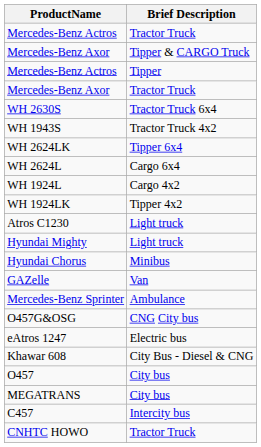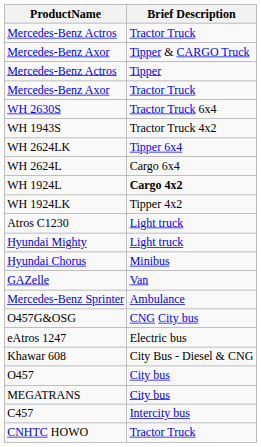 <table class="wikitable">
 <tr>
 <th>ProductName</th>
 <th>Brief Description</th>
 </tr>
 <tr>
 <td><a href='#'>Mercedes-Benz Actros</a></td>
 <td><a href='#'>Tractor Truck</a></td>
 </tr>
 <tr>
 <td><a href='#'>Mercedes-Benz Axor</a></td>
 <td><a href='#'>Tipper</a> & <a href='#'>CARGO Truck</a></td>
 </tr>
 <tr>
 <td><a href='#'>Mercedes-Benz Actros</a></td>
 <td><a href='#'>Tipper</a></td>
 </tr>
 <tr>
 <td><a href='#'>Mercedes-Benz Axor</a></td>
 <td><a href='#'>Tractor Truck</a></td>
 </tr>
 <tr>
 <td><a href='#'>WH 2630S</a></td>
 <td><a href='#'>Tractor Truck</a> 6x4</td>
 </tr>
 <tr>
 <td>WH 1943S</td>
 <td>Tractor Truck 4x2</td>
 </tr>
 <tr>
 <td>WH 2624LK</td>
 <td><a href='#'>Tipper 6x4</a></td>
 </tr>
 <tr>
 <td>WH 2624L</td>
 <td>Cargo 6x4</td>
 </tr>
 <tr>
 <td>WH 1924L</td>
-<td>Cargo 4x2</td>
+<td><strong>Cargo 4x2</strong></td>
 </tr>
 <tr>
 <td>WH 1924LK</td>
 <td>Tipper 4x2</td>
 </tr>
 <tr>
 <td>Atros C1230</td>
 <td><a href='#'>Light truck</a></td>
 </tr>
 <tr>
 <td><a href='#'>Hyundai Mighty</a></td>
 <td><a href='#'>Light truck</a></td>
 </tr>
 <tr>
 <td><a href='#'>Hyundai Chorus</a></td>
 <td><a href='#'>Minibus</a></td>
 </tr>
 <tr>
 <td><a href='#'>GAZelle</a></td>
 <td><a href='#'>Van</a></td>
 </tr>
 <tr>
 <td><a href='#'>Mercedes-Benz Sprinter</a></td>
 <td><a href='#'>Ambulance</a></td>
 </tr>
 <tr>
 <td>O457G&OSG</td>
 <td><a href='#'>CNG</a> <a href='#'>City bus</a></td>
 </tr>
 <tr>
 <td>eAtros 1247</td>
 <td>Electric bus</td>
 </tr>
 <tr>
 <td>Khawar 608</td>
 <td>City Bus - Diesel & CNG</td>
 </tr>
 <tr>
 <td>O457</td>
 <td><a href='#'>City bus</a></td>
 </tr>
 <tr>
 <td>MEGATRANS</td>
 <td><a href='#'>City bus</a></td>
 </tr>
 <tr>
 <td>C457</td>
 <td><a href='#'>Intercity bus</a></td>
 </tr>
 <tr>
 <td><a href='#'>CNHTC</a> HOWO</td>
 <td><a href='#'>Tractor Truck</a></td>
 </tr>
 </table>
